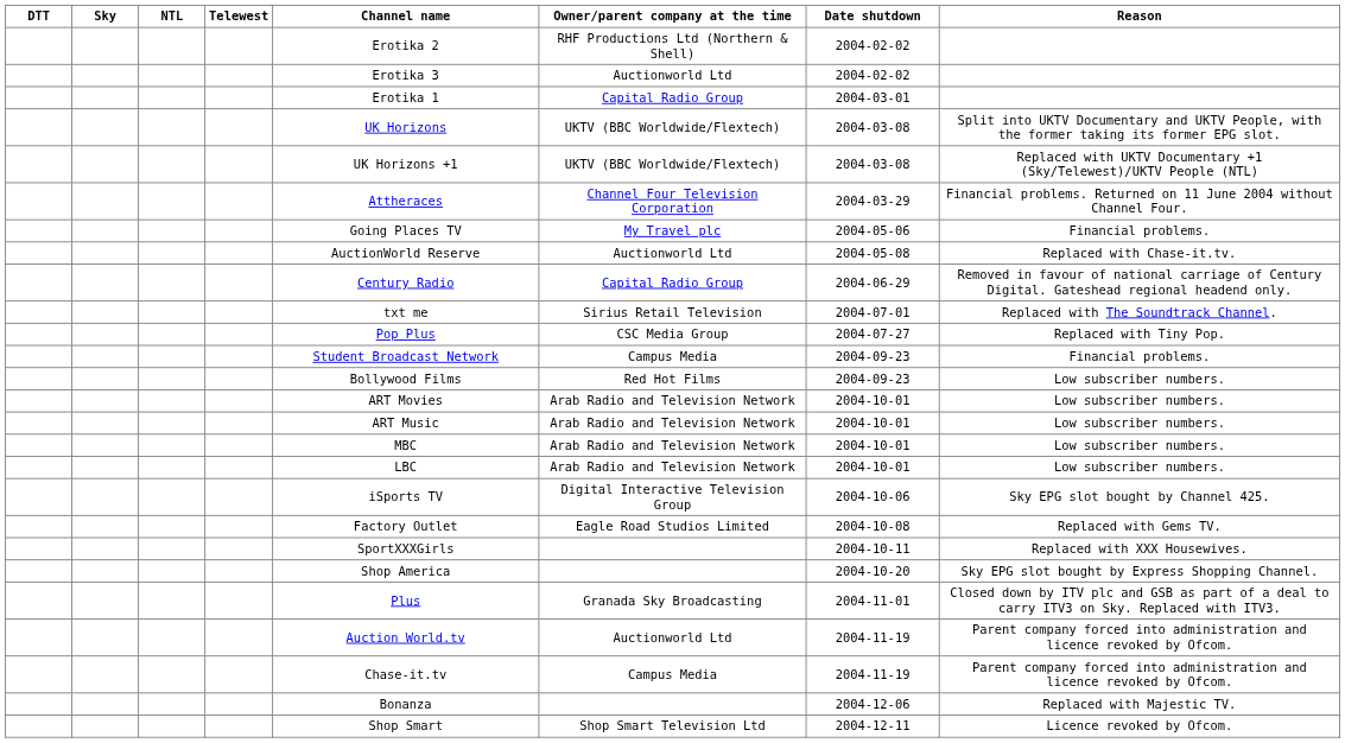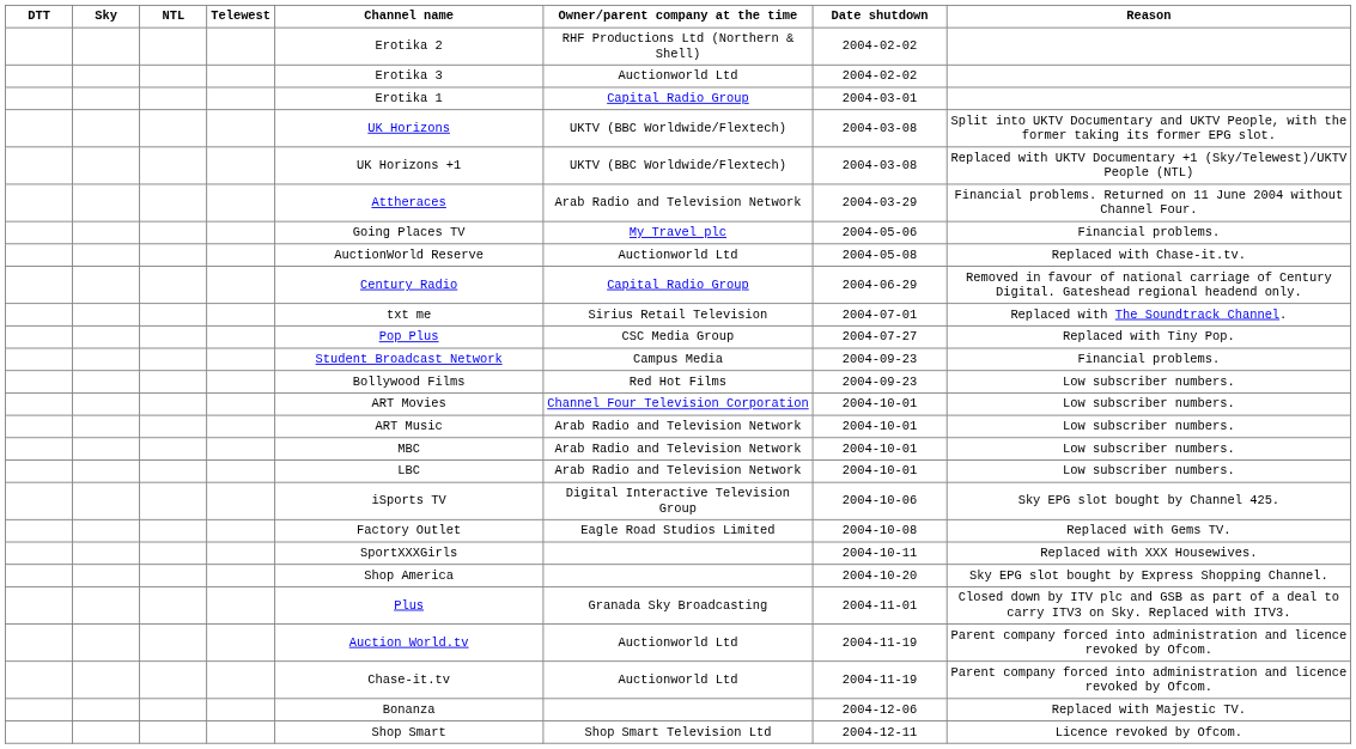 <table class="toccolors sortable" border="1" cellpadding="3" style="border-collapse:collapse; font-size: 90%; text-align:center" width="100%">
 <tr>
 <th width="5%">DTT</th>
 <th width="5%">Sky</th>
 <th width="5%">NTL</th>
 <th width="5%">Telewest</th>
 <th width="20%">Channel name</th>
 <th width="20%">Owner/parent company at the time</th>
 <th width="10%">Date shutdown </th>
 <th width="30%">Reason</th>
 </tr>
 <tr>
 <td></td>
 <td></td>
 <td></td>
 <td></td>
 <td>Erotika 2</td>
 <td>RHF Productions Ltd (Northern & Shell)</td>
 <td>2004-02-02</td>
 <td></td>
 </tr>
 <tr>
 <td></td>
 <td></td>
 <td></td>
 <td></td>
 <td>Erotika 3</td>
 <td>Auctionworld Ltd</td>
 <td>2004-02-02</td>
 <td></td>
 </tr>
 <tr>
 <td></td>
 <td></td>
 <td></td>
 <td></td>
 <td>Erotika 1</td>
 <td><a href='#'>Capital Radio Group</a></td>
 <td>2004-03-01</td>
 <td></td>
 </tr>
 <tr>
 <td></td>
 <td></td>
 <td></td>
 <td></td>
 <td><a href='#'>UK Horizons</a></td>
 <td>UKTV (BBC Worldwide/Flextech)</td>
 <td>2004-03-08</td>
 <td>Split into UKTV Documentary and UKTV People, with the former taking its former EPG slot.</td>
 </tr>
 <tr>
 <td></td>
 <td></td>
 <td></td>
 <td></td>
 <td>UK Horizons +1</td>
 <td>UKTV (BBC Worldwide/Flextech)</td>
 <td>2004-03-08</td>
 <td>Replaced with UKTV Documentary +1 (Sky/Telewest)/UKTV People (NTL)</td>
 </tr>
 <tr>
 <td></td>
 <td></td>
 <td></td>
 <td></td>
 <td><a href='#'>Attheraces</a></td>
-<td><a href='#'>Channel Four Television Corporation</a></td>
+<td>Arab Radio and Television Network</td>
 <td>2004-03-29</td>
 <td>Financial problems. Returned on 11 June 2004 without Channel Four.</td>
 </tr>
 <tr>
 <td></td>
 <td></td>
 <td></td>
 <td></td>
 <td>Going Places TV</td>
 <td><a href='#'>My Travel plc</a></td>
 <td>2004-05-06</td>
 <td>Financial problems.</td>
 </tr>
 <tr>
 <td></td>
 <td></td>
 <td></td>
 <td></td>
 <td>AuctionWorld Reserve</td>
 <td>Auctionworld Ltd</td>
 <td>2004-05-08</td>
 <td>Replaced with Chase-it.tv.</td>
 </tr>
 <tr>
 <td></td>
 <td></td>
 <td></td>
 <td></td>
 <td><a href='#'>Century Radio</a></td>
 <td><a href='#'>Capital Radio Group</a></td>
 <td>2004-06-29</td>
 <td>Removed in favour of national carriage of Century Digital. Gateshead regional headend only.</td>
 </tr>
 <tr>
 <td></td>
 <td></td>
 <td></td>
 <td></td>
 <td>txt me</td>
 <td>Sirius Retail Television</td>
 <td>2004-07-01</td>
 <td>Replaced with <a href='#'>The Soundtrack Channel</a>.</td>
 </tr>
 <tr>
 <td></td>
 <td></td>
 <td></td>
 <td></td>
 <td><a href='#'>Pop Plus</a></td>
 <td>CSC Media Group</td>
 <td>2004-07-27</td>
 <td>Replaced with Tiny Pop.</td>
 </tr>
 <tr>
 <td></td>
 <td></td>
 <td></td>
 <td></td>
 <td><a href='#'>Student Broadcast Network</a></td>
 <td>Campus Media</td>
 <td>2004-09-23</td>
 <td>Financial problems.</td>
 </tr>
 <tr>
 <td></td>
 <td></td>
 <td></td>
 <td></td>
 <td>Bollywood Films</td>
 <td>Red Hot Films</td>
 <td>2004-09-23</td>
 <td>Low subscriber numbers.</td>
 </tr>
 <tr>
 <td></td>
 <td></td>
 <td></td>
 <td></td>
 <td>ART Movies</td>
-<td>Arab Radio and Television Network</td>
+<td><a href='#'>Channel Four Television Corporation</a></td>
 <td>2004-10-01</td>
 <td>Low subscriber numbers.</td>
 </tr>
 <tr>
 <td></td>
 <td></td>
 <td></td>
 <td></td>
 <td>ART Music</td>
 <td>Arab Radio and Television Network</td>
 <td>2004-10-01</td>
 <td>Low subscriber numbers.</td>
 </tr>
 <tr>
 <td></td>
 <td></td>
 <td></td>
 <td></td>
 <td>MBC</td>
 <td>Arab Radio and Television Network</td>
 <td>2004-10-01</td>
 <td>Low subscriber numbers.</td>
 </tr>
 <tr>
 <td></td>
 <td></td>
 <td></td>
 <td></td>
 <td>LBC</td>
 <td>Arab Radio and Television Network</td>
 <td>2004-10-01</td>
 <td>Low subscriber numbers.</td>
 </tr>
 <tr>
 <td></td>
 <td></td>
 <td></td>
 <td></td>
 <td>iSports TV</td>
 <td>Digital Interactive Television Group</td>
 <td>2004-10-06</td>
 <td>Sky EPG slot bought by Channel 425.</td>
 </tr>
 <tr>
 <td></td>
 <td></td>
 <td></td>
 <td></td>
 <td>Factory Outlet</td>
 <td>Eagle Road Studios Limited</td>
 <td>2004-10-08</td>
 <td>Replaced with Gems TV.</td>
 </tr>
 <tr>
 <td></td>
 <td></td>
 <td></td>
 <td></td>
 <td>SportXXXGirls</td>
 <td></td>
 <td>2004-10-11</td>
 <td>Replaced with XXX Housewives.</td>
 </tr>
 <tr>
 <td></td>
 <td></td>
 <td></td>
 <td></td>
 <td>Shop America</td>
 <td></td>
 <td>2004-10-20</td>
 <td>Sky EPG slot bought by Express Shopping Channel.</td>
 </tr>
 <tr>
 <td></td>
 <td></td>
 <td></td>
 <td></td>
 <td><a href='#'>Plus</a></td>
 <td>Granada Sky Broadcasting</td>
 <td>2004-11-01</td>
 <td>Closed down by ITV plc and GSB as part of a deal to carry ITV3 on Sky. Replaced with ITV3.</td>
 </tr>
 <tr>
 <td></td>
 <td></td>
 <td></td>
 <td></td>
 <td><a href='#'>Auction World.tv</a></td>
 <td>Auctionworld Ltd</td>
 <td>2004-11-19</td>
 <td>Parent company forced into administration and licence revoked by Ofcom.</td>
 </tr>
 <tr>
 <td></td>
 <td></td>
 <td></td>
 <td></td>
 <td>Chase-it.tv</td>
-<td>Campus Media</td>
+<td>Auctionworld Ltd</td>
 <td>2004-11-19</td>
 <td>Parent company forced into administration and licence revoked by Ofcom.</td>
 </tr>
 <tr>
 <td></td>
 <td></td>
 <td></td>
 <td></td>
 <td>Bonanza</td>
 <td></td>
 <td>2004-12-06</td>
 <td>Replaced with Majestic TV.</td>
 </tr>
 <tr>
 <td></td>
 <td></td>
 <td></td>
 <td></td>
 <td>Shop Smart</td>
 <td>Shop Smart Television Ltd</td>
 <td>2004-12-11</td>
 <td>Licence revoked by Ofcom.</td>
 </tr>
 </table>
